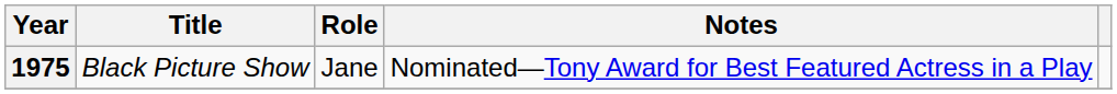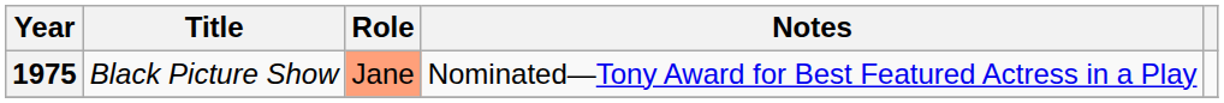 <table class="wikitable plainrowheaders sortable" style="margin-right: 0;">
 <tr>
 <th scope="col">Year</th>
 <th scope="col">Title</th>
 <th scope="col" class="unsortable">Role</th>
 <th scope="col" class="unsortable">Notes</th>
 <th scope="col" class="unsortable"></th>
 </tr>
 <tr>
 <th scope="row">1975</th>
 <td><em>Black Picture Show</em></td>
-<td>Jane</td>
+<td style="background: lightsalmon;">Jane</td>
 <td>Nominated—<a href='#'>Tony Award for Best Featured Actress in a Play</a></td>
 <td style="text-align:center;"></td>
 </tr>
 <tr>
 </tr>
 </table>
